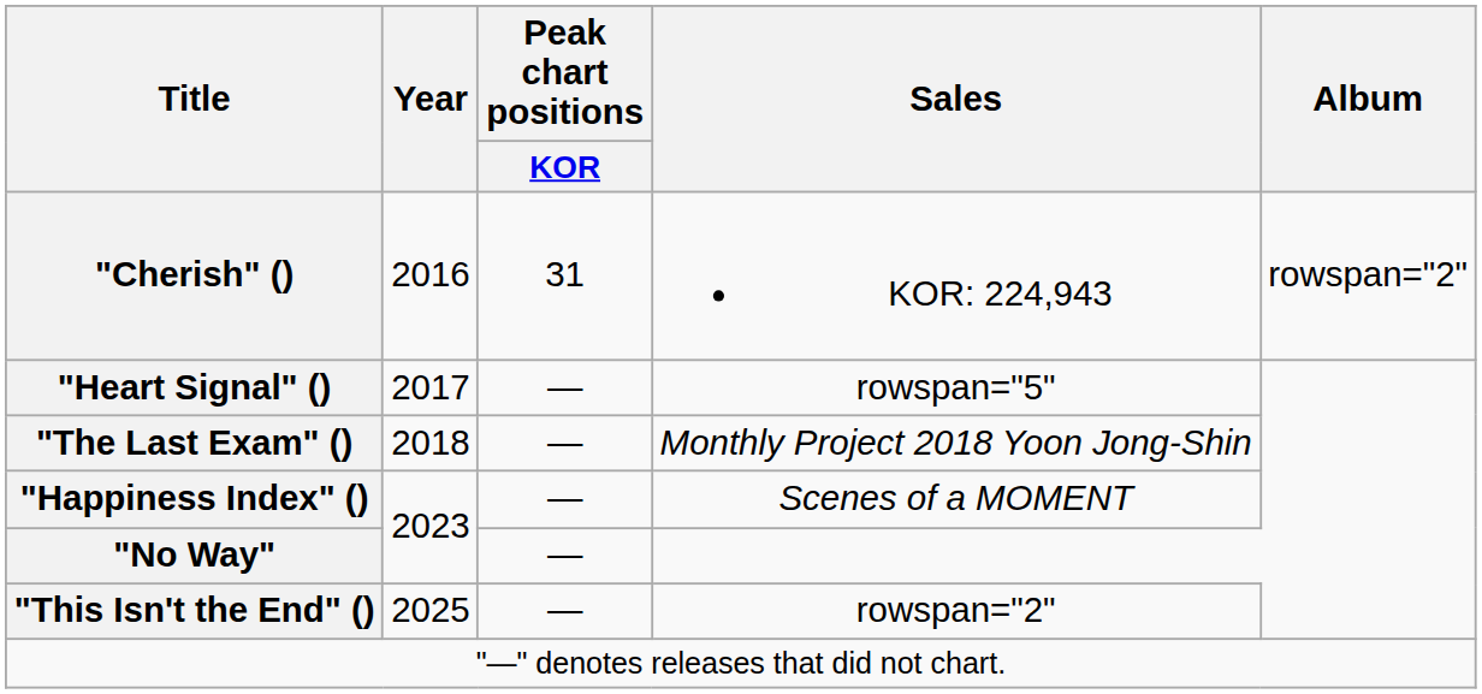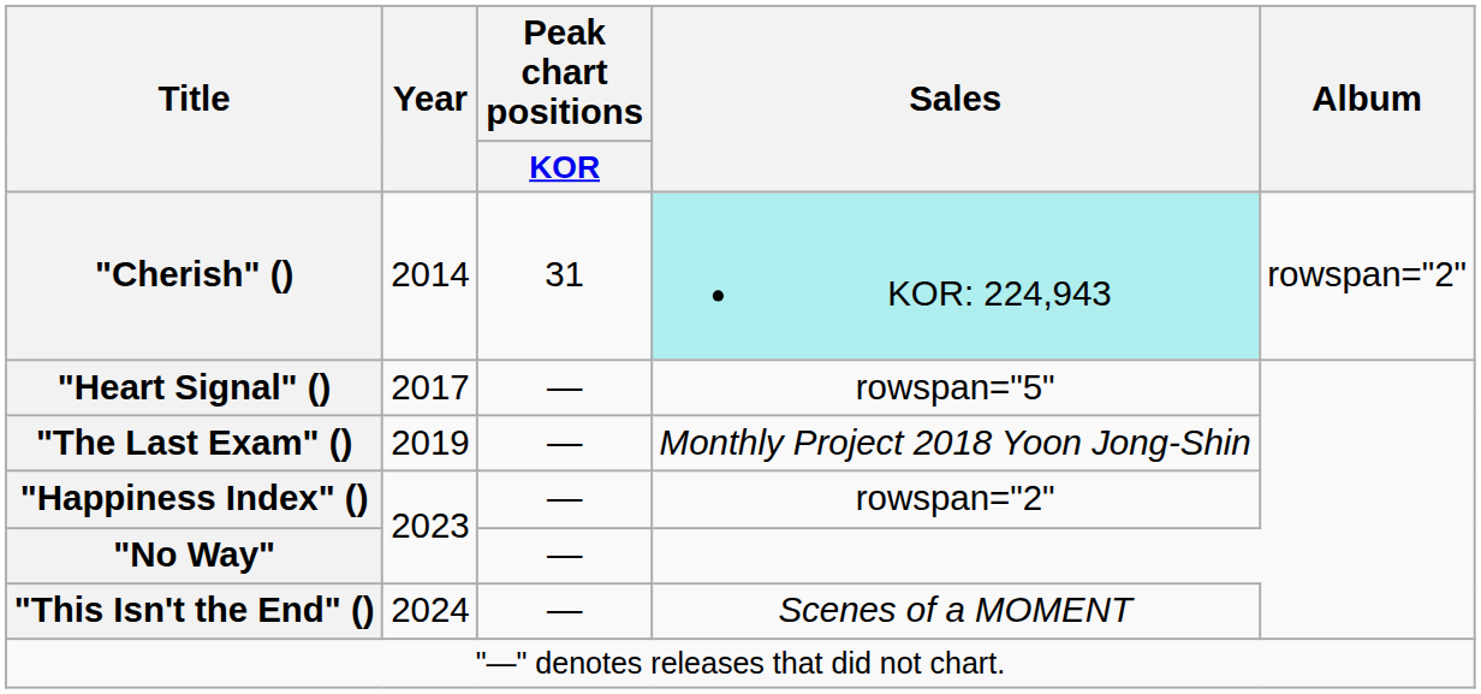 <table class="wikitable plainrowheaders" style="text-align:center">
 <tr>
 <th scope="col" rowspan="2">Title</th>
 <th scope="col" rowspan="2">Year</th>
 <th scope="col">Peak chart positions</th>
 <th scope="col" rowspan="2">Sales<br></th>
 <th scope="col" rowspan="2">Album</th>
 </tr>
 <tr>
 <th scope="col" style="font-size:90%; width:2.5em"><a href='#'>KOR</a><br></th>
 </tr>
 <tr>
 <th scope="row">"Cherish" ()<br></th>
-<td>2016</td>
+<td>2014</td>
 <td>31</td>
-<td><br><ul><li>KOR: 224,943</li></ul></td>
+<td style="background: paleturquoise;"><br><ul><li>KOR: 224,943</li></ul></td>
 <td>rowspan="2" </td>
 </tr>
 <tr>
 <th scope="row">"Heart Signal" ()<br></th>
 <td>2017</td>
 <td>—</td>
 <td>rowspan="5" </td>
 </tr>
 <tr>
 <th scope="row">"The Last Exam" ()<br></th>
-<td>2018</td>
+<td>2019</td>
 <td>—</td>
 <td><em>Monthly Project 2018 Yoon Jong-Shin</em></td>
 </tr>
 <tr>
 <th scope="row">"Happiness Index" ()<br></th>
 <td rowspan="2">2023</td>
 <td>—</td>
-<td><em>Scenes of a MOMENT</em></td>
+<td>rowspan="2" </td>
 </tr>
 <tr>
 <th scope="row">"No Way" <br></th>
 <td>—</td>
 </tr>
 <tr>
 <th scope="row">"This Isn't the End" () <br></th>
-<td>2025</td>
+<td>2024</td>
 <td>—</td>
-<td>rowspan="2" </td>
+<td><em>Scenes of a MOMENT</em></td>
 </tr>
 <tr>
 <td colspan="5" style="font-size:85%">"—" denotes releases that did not chart.</td>
 </tr>
 </table>
